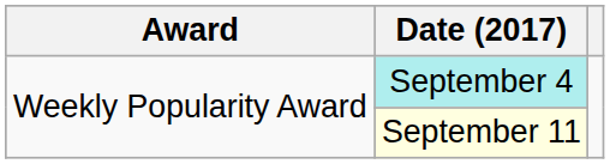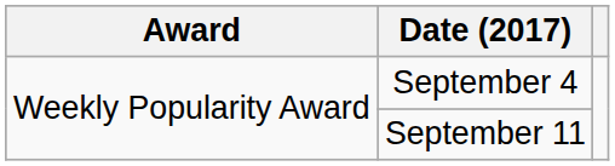 <table class="wikitable" style="table-layout: fixed; margin-right:0; text-align:center">
 <tr>
 <th>Award</th>
 <th>Date (2017)</th>
 <th></th>
 </tr>
 <tr>
 <td rowspan="2" align="center">Weekly Popularity Award</td>
-<td align="center" style="background: paleturquoise;">September 4</td>
+<td align="center">September 4</td>
 <td rowspan="2" align="center"></td>
 </tr>
 <tr>
-<td align="center" style="background: lightyellow;">September 11</td>
+<td align="center">September 11</td>
 </tr>
 </table>
